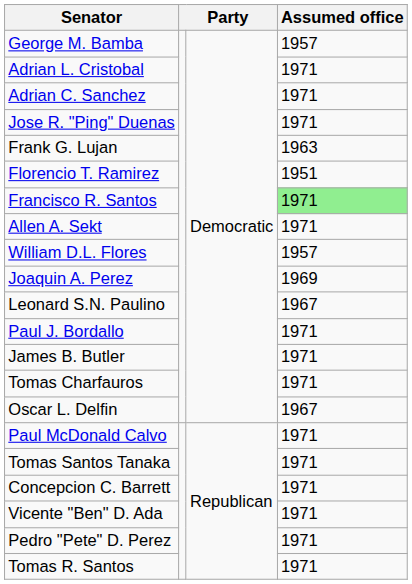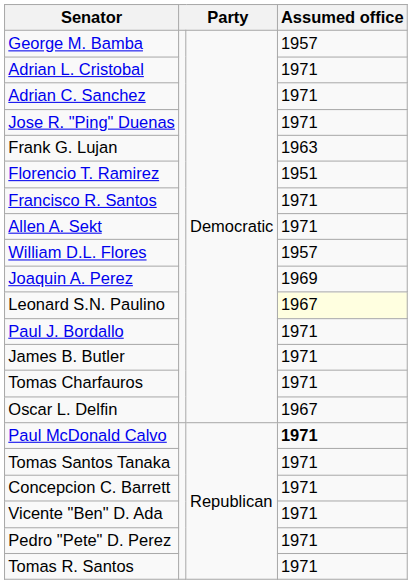 <table class="wikitable sortable" id="votingmembers">
 <tr style="vertical-align:bottom;">
 <th>Senator</th>
 <th colspan=2>Party</th>
 <th>Assumed office</th>
 </tr>
 <tr>
 <td><a href='#'>George M. Bamba</a></td>
 <td rowspan="15" style="background-color:"></td>
 <td rowspan="15">Democratic</td>
 <td>1957</td>
 </tr>
 <tr>
 <td><a href='#'>Adrian L. Cristobal</a></td>
 <td>1971</td>
 </tr>
 <tr>
 <td><a href='#'>Adrian C. Sanchez</a></td>
 <td>1971</td>
 </tr>
 <tr>
 <td><a href='#'>Jose R. "Ping" Duenas</a></td>
 <td>1971</td>
 </tr>
 <tr>
 <td>Frank G. Lujan</td>
 <td>1963</td>
 </tr>
 <tr>
 <td><a href='#'>Florencio T. Ramirez</a></td>
 <td>1951</td>
 </tr>
 <tr>
 <td><a href='#'>Francisco R. Santos</a></td>
-<td style="background: lightgreen;">1971</td>
+<td>1971</td>
 </tr>
 <tr>
 <td><a href='#'>Allen A. Sekt</a></td>
 <td>1971</td>
 </tr>
 <tr>
 <td><a href='#'>William D.L. Flores</a></td>
 <td>1957</td>
 </tr>
 <tr>
 <td><a href='#'>Joaquin A. Perez</a></td>
 <td>1969</td>
 </tr>
 <tr>
 <td>Leonard S.N. Paulino</td>
-<td>1967</td>
+<td style="background: lightyellow;">1967</td>
 </tr>
 <tr>
 <td><a href='#'>Paul J. Bordallo</a></td>
 <td>1971</td>
 </tr>
 <tr>
 <td>James B. Butler</td>
 <td>1971</td>
 </tr>
 <tr>
 <td>Tomas Charfauros</td>
 <td>1971</td>
 </tr>
 <tr>
 <td>Oscar L. Delfin</td>
 <td>1967</td>
 </tr>
 <tr>
 <td><a href='#'>Paul McDonald Calvo</a></td>
 <td rowspan="6" style="background-color:"></td>
 <td rowspan="6">Republican</td>
-<td>1971</td>
+<td><strong>1971</strong></td>
 </tr>
 <tr>
 <td>Tomas Santos Tanaka</td>
 <td>1971</td>
 </tr>
 <tr>
 <td>Concepcion C. Barrett</td>
 <td>1971</td>
 </tr>
 <tr>
 <td>Vicente "Ben" D. Ada</td>
 <td>1971</td>
 </tr>
 <tr>
 <td>Pedro "Pete" D. Perez</td>
 <td>1971</td>
 </tr>
 <tr>
 <td>Tomas R. Santos</td>
 <td>1971</td>
 </tr>
 </table>
